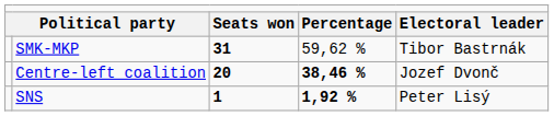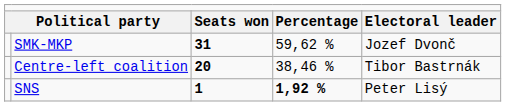 <table class="wikitable" style="text-align: left;">
 <tr>
 <td colspan="5"></td>
 </tr>
 <tr>
 <th colspan="2">Political party</th>
 <th>Seats won</th>
 <th>Percentage</th>
 <th>Electoral leader</th>
 </tr>
 <tr>
 <td style="background:"></td>
 <td><a href='#'>SMK-MKP</a></td>
 <td><strong>31</strong></td>
 <td>59,62 %</td>
-<td>Tibor Bastrnák</td>
+<td>Jozef Dvonč</td>
 </tr>
 <tr>
 <td style="background:"></td>
 <td><a href='#'>Centre-left coalition</a></td>
 <td><strong>20</strong></td>
-<td><strong>38,46 %</strong></td>
-<td>Jozef Dvonč</td>
+<td>38,46 %</td>
+<td>Tibor Bastrnák</td>
 </tr>
 <tr>
 <td style="background:"></td>
 <td><a href='#'>SNS</a></td>
 <td><strong>1</strong></td>
 <td><strong>1,92 %</strong></td>
 <td>Peter Lisý</td>
 </tr>
 </table>
